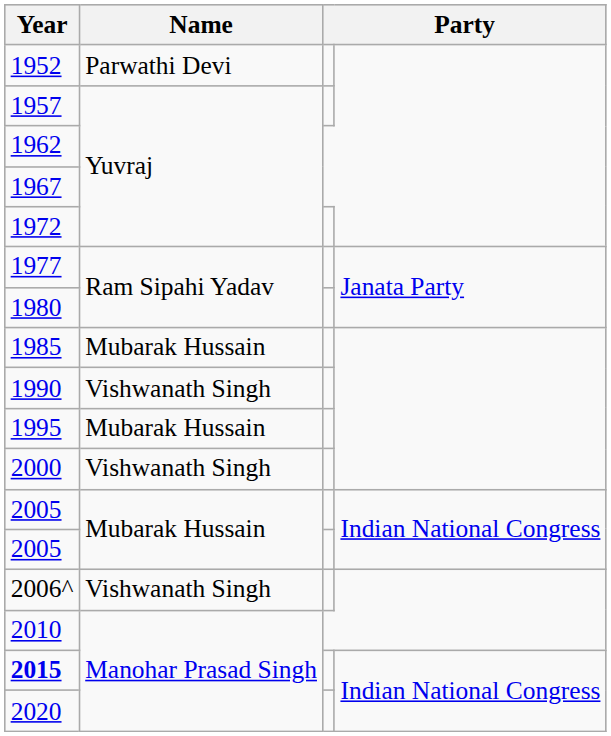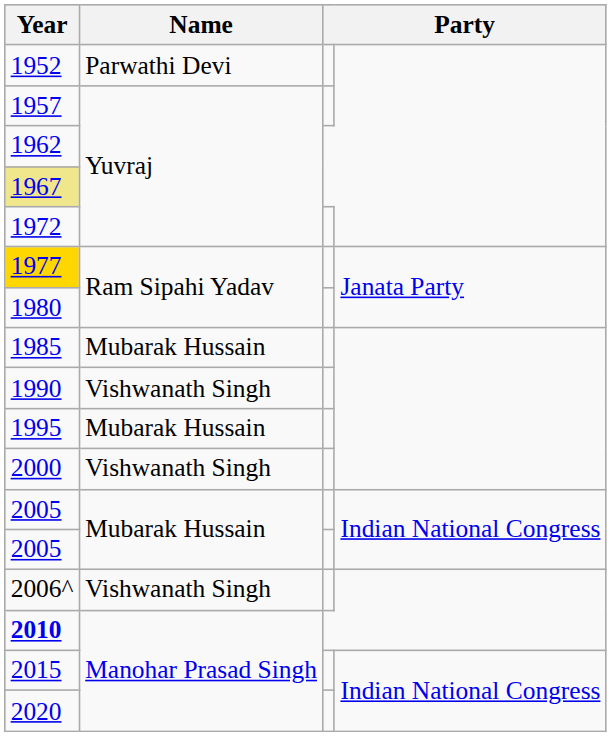 <table class="wikitable sortable">
 <tr>
 <th>Year</th>
 <th>Name</th>
 <th colspan="2">Party</th>
 </tr>
 <tr>
 <td><a href='#'>1952</a></td>
 <td>Parwathi Devi</td>
 <td></td>
 </tr>
 <tr>
 <td><a href='#'>1957</a></td>
 <td rowspan="4">Yuvraj</td>
 <td></td>
 </tr>
 <tr>
 <td><a href='#'>1962</a></td>
 </tr>
 <tr>
-<td><a href='#'>1967</a></td>
+<td style="background: khaki;"><a href='#'>1967</a></td>
 </tr>
 <tr>
 <td><a href='#'>1972</a></td>
 <td></td>
 </tr>
 <tr>
-<td><a href='#'>1977</a></td>
+<td style="background: gold;"><a href='#'>1977</a></td>
 <td rowspan="2">Ram Sipahi Yadav</td>
 <td style="background-color: "></td>
 <td rowspan="2"><a href='#'>Janata Party</a></td>
 </tr>
 <tr>
 <td><a href='#'>1980</a></td>
 </tr>
 <tr>
 <td><a href='#'>1985</a></td>
 <td>Mubarak Hussain</td>
 <td></td>
 </tr>
 <tr>
 <td><a href='#'>1990</a></td>
 <td>Vishwanath Singh</td>
 <td></td>
 </tr>
 <tr>
 <td><a href='#'>1995</a></td>
 <td>Mubarak Hussain</td>
 <td></td>
 </tr>
 <tr>
 <td><a href='#'>2000</a></td>
 <td>Vishwanath Singh</td>
 <td></td>
 </tr>
 <tr>
 <td><a href='#'>2005</a></td>
 <td rowspan="2">Mubarak Hussain</td>
 <td style="background-color: "></td>
 <td rowspan="2"><a href='#'>Indian National Congress</a></td>
 </tr>
 <tr>
 <td><a href='#'>2005</a></td>
 </tr>
 <tr>
 <td>2006^</td>
 <td>Vishwanath Singh</td>
 <td></td>
 </tr>
 <tr>
-<td><a href='#'>2010</a></td>
+<td><strong><a href='#'>2010</a></strong></td>
 <td rowspan="3"><a href='#'>Manohar Prasad Singh</a></td>
 </tr>
 <tr>
-<td><strong><a href='#'>2015</a></strong></td>
+<td><a href='#'>2015</a></td>
 <td style="background-color: "></td>
 <td rowspan="2"><a href='#'>Indian National Congress</a></td>
 </tr>
 <tr>
 <td><a href='#'>2020</a></td>
 </tr>
 </table>
